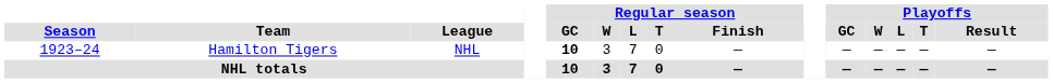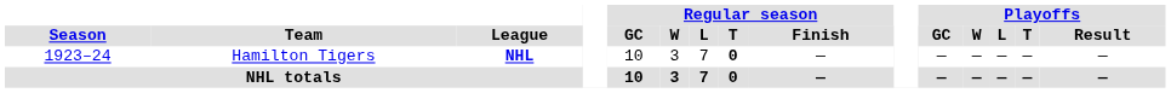 <table BORDER="0" CELLPADDING="1" CELLSPACING="0" width="75%" style="text-align:center">
 <tr bgcolor="#e0e0e0">
 <th colspan="3" bgcolor="#ffffff"> </th>
 <th rowspan="99" bgcolor="#ffffff"> </th>
 <th colspan="5"><a href='#'>Regular season</a></th>
 <th rowspan="99" bgcolor="#ffffff"> </th>
 <th colspan="5"><a href='#'>Playoffs</a></th>
 </tr>
 <tr bgcolor="#e0e0e0">
 <th><a href='#'>Season</a></th>
 <th>Team</th>
 <th>League</th>
 <th>GC</th>
 <th>W</th>
 <th>L</th>
 <th>T</th>
 <th>Finish</th>
 <th>GC</th>
 <th>W</th>
 <th>L</th>
 <th>T</th>
 <th>Result</th>
 </tr>
 <tr>
 <td><a href='#'>1923–24</a></td>
 <td><a href='#'>Hamilton Tigers</a></td>
-<td><a href='#'>NHL</a></td>
-<td><strong>10</strong></td>
+<td><strong><a href='#'>NHL</a></strong></td>
+<td>10</td>
 <td>3</td>
 <td>7</td>
-<td>0</td>
+<td><strong>0</strong></td>
 <td>—</td>
 <td>—</td>
 <td>—</td>
 <td>—</td>
 <td>—</td>
 <td>—</td>
 </tr>
 <tr bgcolor="#e0e0e0">
 <th colspan="3">NHL totals</th>
 <th>10</th>
 <th>3</th>
 <th>7</th>
 <th>0</th>
 <th>—</th>
 <th>—</th>
 <th>—</th>
 <th>—</th>
 <th>—</th>
 <th>—</th>
 </tr>
 </table>
